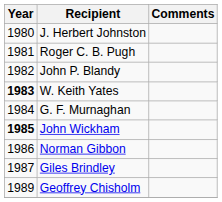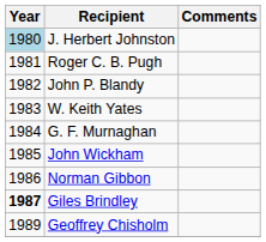 <table class="wikitable">
 <tr>
 <th>Year</th>
 <th>Recipient</th>
 <th>Comments</th>
 </tr>
 <tr>
-<td>1980</td>
+<td style="background: lightblue;">1980</td>
 <td>J. Herbert Johnston</td>
 <td></td>
 </tr>
 <tr>
 <td>1981</td>
 <td>Roger C. B. Pugh</td>
 <td></td>
 </tr>
 <tr>
 <td>1982</td>
 <td>John P. Blandy</td>
 <td></td>
 </tr>
 <tr>
-<td><strong>1983</strong></td>
+<td>1983</td>
 <td>W. Keith Yates</td>
 <td></td>
 </tr>
 <tr>
 <td>1984</td>
 <td>G. F. Murnaghan</td>
 <td></td>
 </tr>
 <tr>
-<td><strong>1985</strong></td>
+<td>1985</td>
 <td><a href='#'>John Wickham</a></td>
 <td></td>
 </tr>
 <tr>
 <td>1986</td>
 <td><a href='#'>Norman Gibbon</a></td>
 <td></td>
 </tr>
 <tr>
-<td>1987</td>
+<td><strong>1987</strong></td>
 <td><a href='#'>Giles Brindley</a></td>
 <td></td>
 </tr>
 <tr>
 <td>1989</td>
 <td><a href='#'>Geoffrey Chisholm</a></td>
 <td></td>
 </tr>
 <tr>
 </tr>
 </table>
